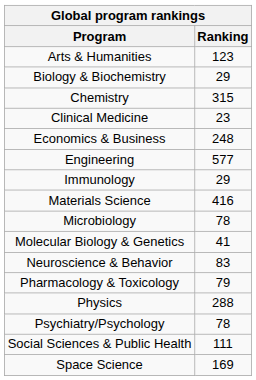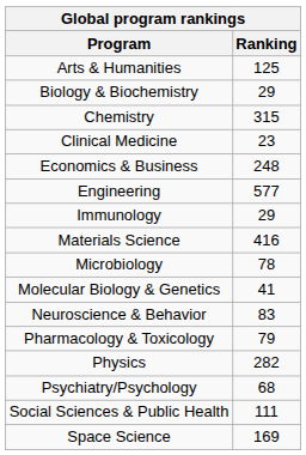 <table class="wikitable sortable collapsible collapsed" style="float:right; text-align:center">
 <tr>
 <th colspan=4>Global program rankings</th>
 </tr>
 <tr>
 <th>Program</th>
 <th>Ranking</th>
 </tr>
 <tr>
 <td>Arts & Humanities</td>
-<td>123</td>
+<td>125</td>
 </tr>
 <tr>
 <td>Biology & Biochemistry</td>
 <td>29</td>
 </tr>
 <tr>
 <td>Chemistry</td>
 <td>315</td>
 </tr>
 <tr>
 <td>Clinical Medicine</td>
 <td>23</td>
 </tr>
 <tr>
 <td>Economics & Business</td>
 <td>248</td>
 </tr>
 <tr>
 <td>Engineering</td>
 <td>577</td>
 </tr>
 <tr>
 <td>Immunology</td>
 <td>29</td>
 </tr>
 <tr>
 <td>Materials Science</td>
 <td>416</td>
 </tr>
 <tr>
 <td>Microbiology</td>
 <td>78</td>
 </tr>
 <tr>
 <td>Molecular Biology & Genetics</td>
 <td>41</td>
 </tr>
 <tr>
 <td>Neuroscience & Behavior</td>
 <td>83</td>
 </tr>
 <tr>
 <td>Pharmacology & Toxicology</td>
 <td>79</td>
 </tr>
 <tr>
 <td>Physics</td>
-<td>288</td>
+<td>282</td>
 </tr>
 <tr>
 <td>Psychiatry/Psychology</td>
-<td>78</td>
+<td>68</td>
 </tr>
 <tr>
 <td>Social Sciences & Public Health</td>
 <td>111</td>
 </tr>
 <tr>
 <td>Space Science</td>
 <td>169</td>
 </tr>
 </table>
